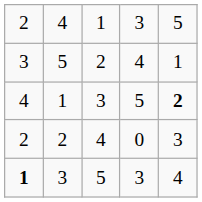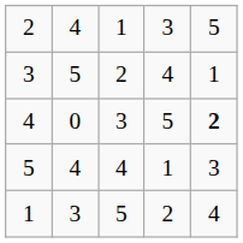 <table class="wikitable" style="margin-left:auto;margin-right:auto;text-align:center;width:10em;height:10em;table-layout:fixed;">
 <tr>
 <td>2</td>
 <td>4</td>
 <td>1</td>
 <td>3</td>
 <td>5</td>
 </tr>
 <tr>
 <td>3</td>
 <td>5</td>
 <td>2</td>
 <td>4</td>
 <td>1</td>
 </tr>
 <tr>
 <td>4</td>
-<td>1</td>
+<td>0</td>
 <td>3</td>
 <td>5</td>
 <td><strong>2</strong></td>
 </tr>
 <tr>
-<td>2</td>
-<td>2</td>
+<td>5</td>
 <td>4</td>
-<td>0</td>
+<td>4</td>
+<td>1</td>
 <td>3</td>
 </tr>
 <tr>
-<td><strong>1</strong></td>
+<td>1</td>
 <td>3</td>
 <td>5</td>
-<td>3</td>
+<td>2</td>
 <td>4</td>
 </tr>
 </table>
